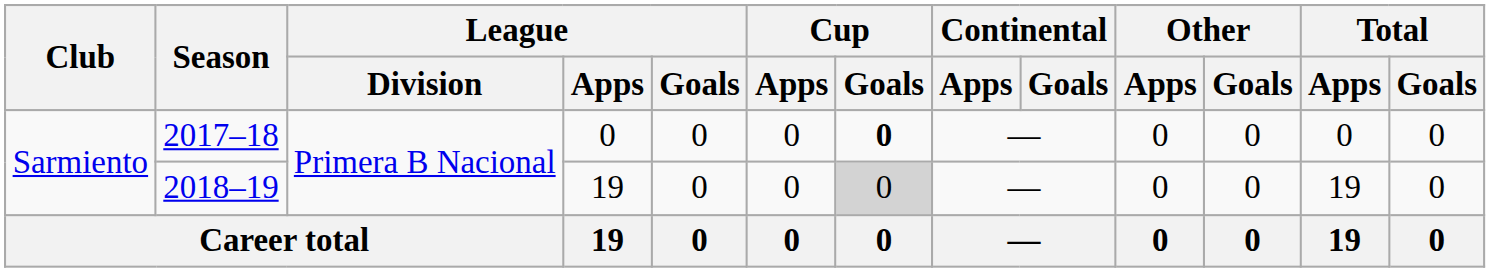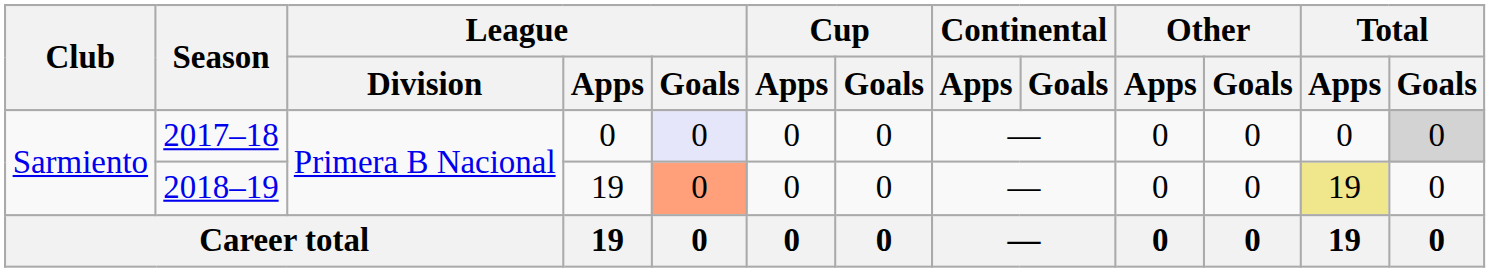 <table class="wikitable" style="text-align:center">
 <tr>
 <th rowspan="2">Club</th>
 <th rowspan="2">Season</th>
 <th colspan="3">League</th>
 <th colspan="2">Cup</th>
 <th colspan="2">Continental</th>
 <th colspan="2">Other</th>
 <th colspan="2">Total</th>
 </tr>
 <tr>
 <th>Division</th>
 <th>Apps</th>
 <th>Goals</th>
 <th>Apps</th>
 <th>Goals</th>
 <th>Apps</th>
 <th>Goals</th>
 <th>Apps</th>
 <th>Goals</th>
 <th>Apps</th>
 <th>Goals</th>
 </tr>
 <tr>
 <td rowspan="2"><a href='#'>Sarmiento</a></td>
 <td><a href='#'>2017–18</a></td>
 <td rowspan="2"><a href='#'>Primera B Nacional</a></td>
 <td>0</td>
+<td style="background: lavender;">0</td>
 <td>0</td>
 <td>0</td>
-<td><strong>0</strong></td>
 <td colspan="2">—</td>
 <td>0</td>
 <td>0</td>
 <td>0</td>
-<td>0</td>
+<td style="background: lightgrey;">0</td>
 </tr>
 <tr>
 <td><a href='#'>2018–19</a></td>
 <td>19</td>
+<td style="background: lightsalmon;">0</td>
 <td>0</td>
 <td>0</td>
-<td style="background: lightgrey;">0</td>
 <td colspan="2">—</td>
 <td>0</td>
 <td>0</td>
-<td>19</td>
+<td style="background: khaki;">19</td>
 <td>0</td>
 </tr>
 <tr>
 <th colspan="3">Career total</th>
 <th>19</th>
 <th>0</th>
 <th>0</th>
 <th>0</th>
 <th colspan="2">—</th>
 <th>0</th>
 <th>0</th>
 <th>19</th>
 <th>0</th>
 </tr>
 </table>
